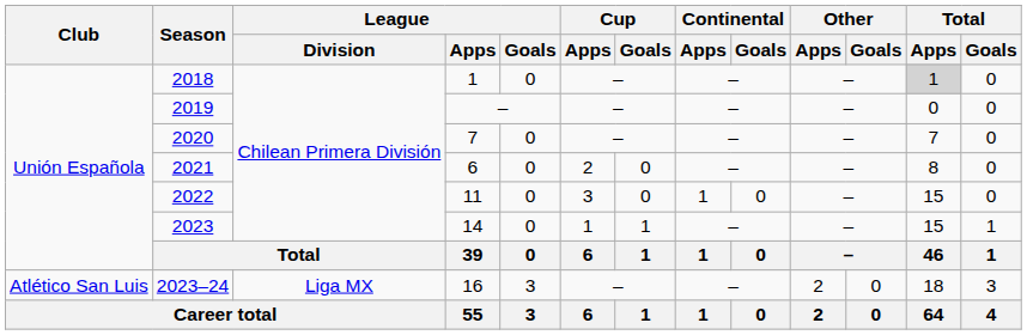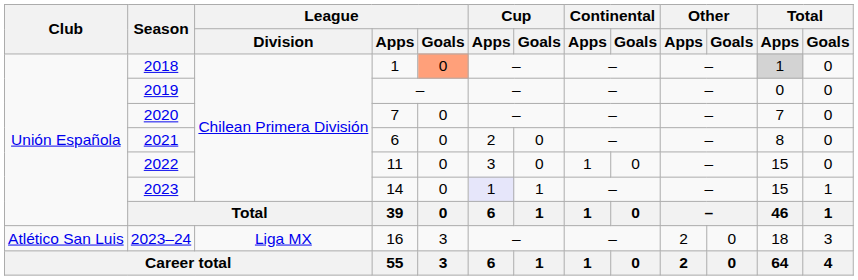 <table class="wikitable" style="text-align: center">
 <tr>
 <th rowspan="2">Club</th>
 <th rowspan="2">Season</th>
 <th colspan="3">League</th>
 <th colspan="2">Cup</th>
 <th colspan="2">Continental</th>
 <th colspan="2">Other</th>
 <th colspan="2">Total</th>
 </tr>
 <tr>
 <th>Division</th>
 <th>Apps</th>
 <th>Goals</th>
 <th>Apps</th>
 <th>Goals</th>
 <th>Apps</th>
 <th>Goals</th>
 <th>Apps</th>
 <th>Goals</th>
 <th>Apps</th>
 <th>Goals</th>
 </tr>
 <tr>
 <td rowspan="7"><a href='#'>Unión Española</a></td>
 <td><a href='#'>2018</a></td>
 <td rowspan="6"><a href='#'>Chilean Primera División</a></td>
 <td>1</td>
-<td>0</td>
+<td style="background: lightsalmon;">0</td>
 <td colspan="2">–</td>
 <td colspan="2">–</td>
 <td colspan=2>–</td>
 <td style="background: lightgrey;">1</td>
 <td>0</td>
 </tr>
 <tr>
 <td><a href='#'>2019</a></td>
 <td colspan=2>–</td>
 <td colspan=2>–</td>
 <td colspan=2>–</td>
 <td colspan=2>–</td>
 <td>0</td>
 <td>0</td>
 </tr>
 <tr>
 <td><a href='#'>2020</a></td>
 <td>7</td>
 <td>0</td>
 <td colspan=2>–</td>
 <td colspan=2>–</td>
 <td colspan=2>–</td>
 <td>7</td>
 <td>0</td>
 </tr>
 <tr>
 <td><a href='#'>2021</a></td>
 <td>6</td>
 <td>0</td>
 <td>2</td>
 <td>0</td>
 <td colspan=2>–</td>
 <td colspan=2>–</td>
 <td>8</td>
 <td>0</td>
 </tr>
 <tr>
 <td><a href='#'>2022</a></td>
 <td>11</td>
 <td>0</td>
 <td>3</td>
 <td>0</td>
 <td>1</td>
 <td>0</td>
 <td colspan=2>–</td>
 <td>15</td>
 <td>0</td>
 </tr>
 <tr>
 <td><a href='#'>2023</a></td>
 <td>14</td>
 <td>0</td>
-<td>1</td>
+<td style="background: lavender;">1</td>
 <td>1</td>
 <td colspan=2>–</td>
 <td colspan=2>–</td>
 <td>15</td>
 <td>1</td>
 </tr>
 <tr>
 <th colspan="2">Total</th>
 <th>39</th>
 <th>0</th>
 <th>6</th>
 <th>1</th>
 <th>1</th>
 <th>0</th>
 <th colspan=2>–</th>
 <th>46</th>
 <th>1</th>
 </tr>
 <tr>
 <td rowspan="1"><a href='#'>Atlético San Luis</a></td>
 <td><a href='#'>2023–24</a></td>
 <td rowspan="1"><a href='#'>Liga MX</a></td>
 <td>16</td>
 <td>3</td>
 <td colspan="2">–</td>
 <td colspan="2">–</td>
 <td>2</td>
 <td>0</td>
 <td>18</td>
 <td>3</td>
 </tr>
 <tr>
 <th colspan="3"><strong>Career total</strong></th>
 <th>55</th>
 <th>3</th>
 <th>6</th>
 <th>1</th>
 <th>1</th>
 <th>0</th>
 <th>2</th>
 <th>0</th>
 <th>64</th>
 <th>4</th>
 </tr>
 </table>
